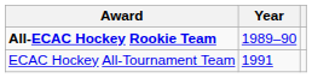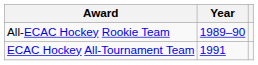 <table class="wikitable">
 <tr>
 <th>Award</th>
 <th>Year</th>
 <th></th>
 </tr>
 <tr>
-<td><strong>All-<a href='#'>ECAC Hockey</a> <a href='#'>Rookie Team</a></strong></td>
+<td>All-<a href='#'>ECAC Hockey</a> <a href='#'>Rookie Team</a></td>
 <td><a href='#'>1989–90</a></td>
 <td></td>
 </tr>
 <tr>
 <td><a href='#'>ECAC Hockey</a> <a href='#'>All-Tournament Team</a></td>
 <td><a href='#'>1991</a></td>
 <td></td>
 </tr>
 </table>
